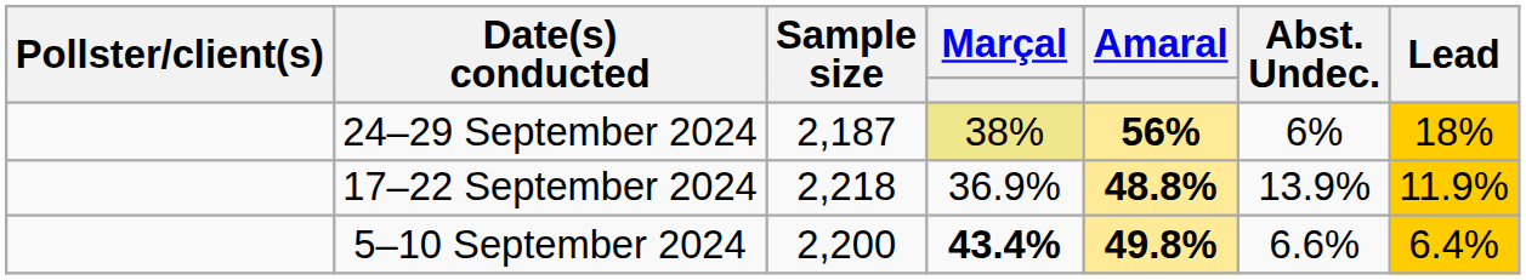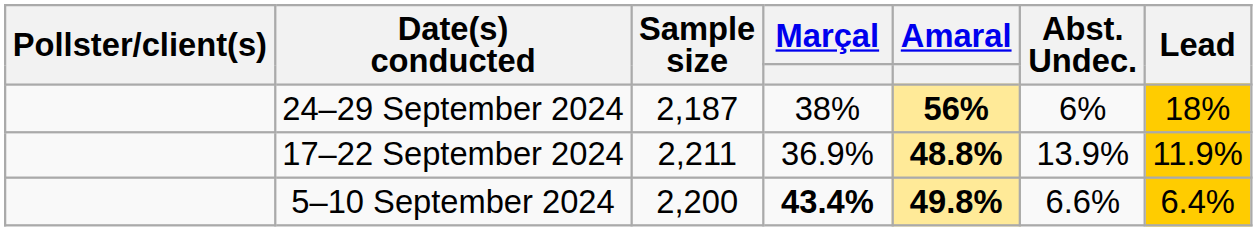 <table class="wikitable" style="text-align:center;font-size:90%;line-height:14px;">
 <tr>
 <th rowspan="2">Pollster/client(s)</th>
 <th rowspan="2">Date(s)<br>conducted</th>
 <th rowspan="2" data-sort-type="number">Sample<br>size</th>
 <th class="unsortable" style="width:50px;"><a href='#'>Marçal</a><br></th>
 <th class="unsortable" style="width:50px;"><a href='#'>Amaral</a><br></th>
 <th rowspan="2" class="unsortable">Abst.<br>Undec.</th>
 <th rowspan="2" data-sort-type="number">Lead</th>
 </tr>
 <tr>
 <th data-sort-type="number" class="sortable" style="background:"></th>
 <th data-sort-type="number" class="sortable" style="background:"></th>
 </tr>
 <tr>
 <td></td>
 <td>24–29 September 2024</td>
 <td>2,187</td>
-<td style="background: khaki;">38%</td>
+<td>38%</td>
 <td style="background:#ffea98;"><strong>56%</strong></td>
 <td>6%</td>
 <td style="background:#FFCC00;">18%</td>
 </tr>
 <tr>
 <td></td>
 <td>17–22 September 2024</td>
-<td>2,218</td>
+<td>2,211</td>
 <td>36.9%</td>
 <td style="background:#ffea98;"><strong>48.8%</strong></td>
 <td>13.9%</td>
 <td style="background:#FFCC00;">11.9%</td>
 </tr>
 <tr>
 <td></td>
 <td>5–10 September 2024</td>
 <td>2,200</td>
 <td><strong>43.4%</strong></td>
 <td style="background:#ffea98;"><strong>49.8%</strong></td>
 <td>6.6%</td>
 <td style="background:#FFCC00;">6.4%</td>
 </tr>
 </table>
